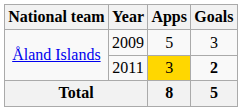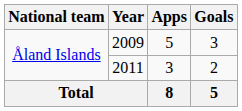 <table class="wikitable" style="text-align:center">
 <tr>
 <th>National team</th>
 <th>Year</th>
 <th>Apps</th>
 <th>Goals</th>
 </tr>
 <tr>
 <td rowspan="2"><a href='#'>Åland Islands</a></td>
 <td>2009</td>
 <td>5</td>
 <td>3</td>
 </tr>
 <tr>
 <td>2011</td>
-<td style="background: gold;">3</td>
-<td><strong>2</strong></td>
+<td>3</td>
+<td>2</td>
 </tr>
 <tr>
 <th colspan="2">Total</th>
 <th>8</th>
 <th>5</th>
 </tr>
 </table>
